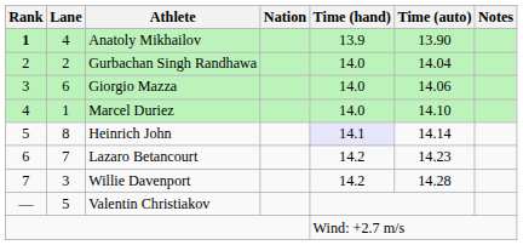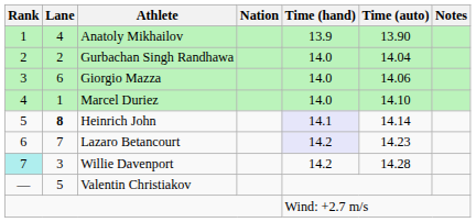 <table class="wikitable sortable" style="text-align:center">
 <tr>
 <th>Rank</th>
 <th>Lane</th>
 <th>Athlete</th>
 <th>Nation</th>
 <th>Time (hand)</th>
 <th>Time (auto)</th>
 <th>Notes</th>
 </tr>
 <tr bgcolor=bbf3bb>
-<td><strong>1</strong></td>
+<td>1</td>
 <td>4</td>
 <td align=left>Anatoly Mikhailov</td>
 <td align=left></td>
 <td>13.9</td>
 <td>13.90</td>
 <td></td>
 </tr>
 <tr bgcolor=bbf3bb>
 <td>2</td>
 <td>2</td>
 <td align=left>Gurbachan Singh Randhawa</td>
 <td align=left></td>
 <td>14.0</td>
 <td>14.04</td>
 <td></td>
 </tr>
 <tr bgcolor=bbf3bb>
 <td>3</td>
 <td>6</td>
 <td align=left>Giorgio Mazza</td>
 <td align=left></td>
 <td>14.0</td>
 <td>14.06</td>
 <td></td>
 </tr>
 <tr bgcolor=bbf3bb>
 <td>4</td>
 <td>1</td>
 <td align=left>Marcel Duriez</td>
 <td align=left></td>
 <td>14.0</td>
 <td>14.10</td>
 <td></td>
 </tr>
 <tr>
 <td>5</td>
-<td>8</td>
+<td><strong>8</strong></td>
 <td align=left>Heinrich John</td>
 <td align=left></td>
 <td style="background: lavender;">14.1</td>
 <td>14.14</td>
 <td></td>
 </tr>
 <tr>
 <td>6</td>
 <td>7</td>
 <td align=left>Lazaro Betancourt</td>
 <td align=left></td>
-<td>14.2</td>
+<td style="background: lavender;">14.2</td>
 <td>14.23</td>
 <td></td>
 </tr>
 <tr>
-<td>7</td>
+<td style="background: paleturquoise;">7</td>
 <td>3</td>
 <td align=left>Willie Davenport</td>
 <td align=left></td>
 <td>14.2</td>
 <td>14.28</td>
 <td></td>
 </tr>
 <tr>
 <td data-sort-value=8>—</td>
 <td>5</td>
 <td align=left>Valentin Christiakov</td>
 <td align=left></td>
 <td colspan=2 data-sort-value=99.99></td>
 <td></td>
 </tr>
 <tr class="sortbottom">
 <td colspan=4></td>
 <td colspan="3" style="text-align:left;">Wind: +2.7 m/s</td>
 </tr>
 </table>
